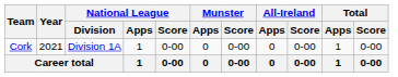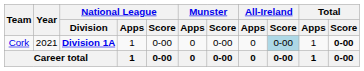 <table class="wikitable" style="text-align:center">
 <tr>
 <th rowspan="2">Team</th>
 <th rowspan="2">Year</th>
 <th colspan="3"><a href='#'>National League</a></th>
 <th colspan="2"><a href='#'>Munster</a></th>
 <th colspan="2"><a href='#'>All-Ireland</a></th>
 <th colspan="2">Total</th>
 </tr>
 <tr>
 <th>Division</th>
 <th>Apps</th>
 <th>Score</th>
 <th>Apps</th>
 <th>Score</th>
 <th>Apps</th>
 <th>Score</th>
 <th>Apps</th>
 <th>Score</th>
 </tr>
 <tr>
 <td rowspan="1"><a href='#'>Cork</a></td>
 <td>2021</td>
-<td rowspan="1"><a href='#'>Division 1A</a></td>
+<td rowspan="1"><strong><a href='#'>Division 1A</a></strong></td>
 <td>1</td>
 <td>0-00</td>
 <td>0</td>
 <td>0-00</td>
 <td>0</td>
-<td>0-00</td>
+<td style="background: lightblue;">0-00</td>
 <td>1</td>
-<td>0-00</td>
+<td><strong>0-00</strong></td>
 </tr>
 <tr>
 <th colspan="3">Career total</th>
 <th>1</th>
 <th>0-00</th>
 <th>0</th>
 <th>0-00</th>
 <th>0</th>
 <th>0-00</th>
 <th>1</th>
 <th>0-00</th>
 </tr>
 </table>
